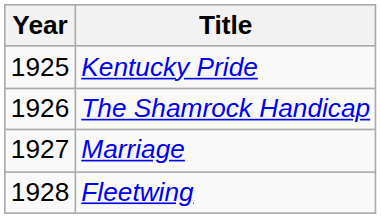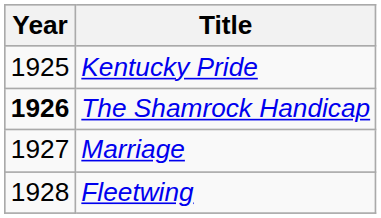 <table class="wikitable">
 <tr>
 <th>Year</th>
 <th>Title</th>
 </tr>
 <tr>
 <td>1925</td>
 <td><em><a href='#'>Kentucky Pride</a></em></td>
 </tr>
 <tr>
-<td>1926</td>
+<td><strong>1926</strong></td>
 <td><em><a href='#'>The Shamrock Handicap</a></em></td>
 </tr>
 <tr>
 <td>1927</td>
 <td><em><a href='#'>Marriage</a></em></td>
 </tr>
 <tr>
 <td>1928</td>
 <td><em><a href='#'>Fleetwing</a></em></td>
 </tr>
 </table>
